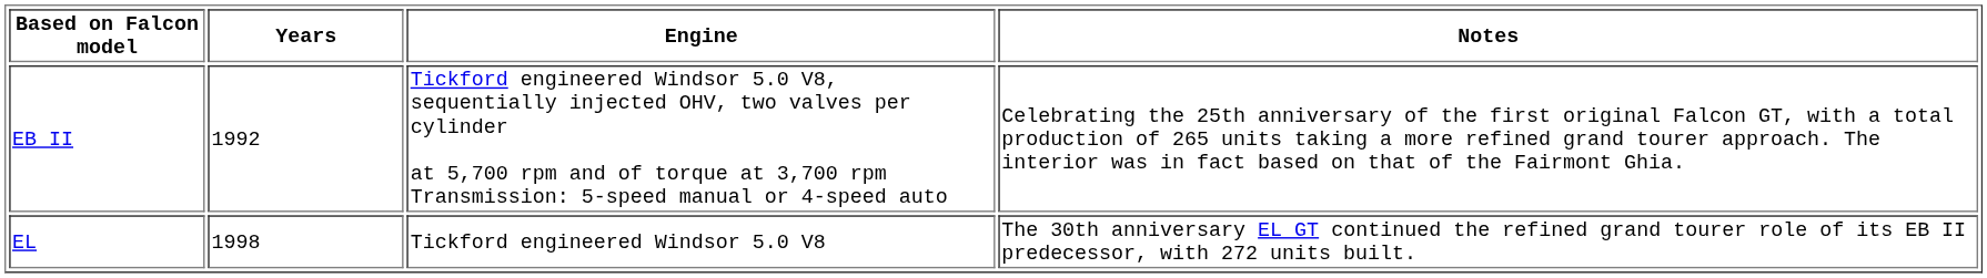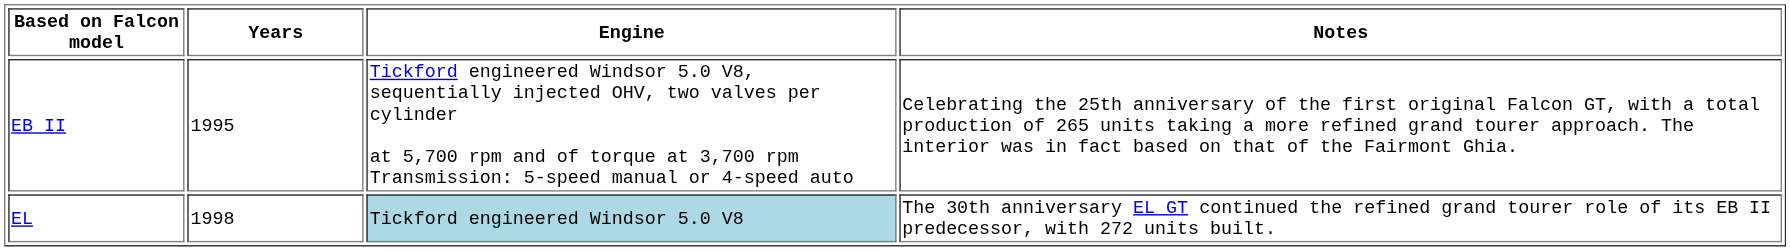 <table border="1" cellpadding="1">
 <tr>
 <th style="width:10%;">Based on Falcon model</th>
 <th style="width:10%;">Years</th>
 <th style="width:30%;">Engine</th>
 <th style="width:50%;">Notes</th>
 </tr>
 <tr>
 <td><a href='#'>EB II</a></td>
-<td>1992</td>
+<td>1995</td>
 <td><a href='#'>Tickford</a> engineered Windsor  5.0 V8, sequentially injected OHV, two valves per cylinder<br><br> at 5,700 rpm and  of torque at 3,700 rpm<br> Transmission: 5-speed manual or 4-speed auto</td>
 <td>Celebrating the 25th anniversary of the first original Falcon GT, with a total production of 265 units taking a more refined grand tourer approach. The interior was in fact based on that of the Fairmont Ghia.</td>
 </tr>
 <tr>
 <td><a href='#'>EL</a></td>
 <td>1998</td>
-<td>Tickford engineered Windsor  5.0 V8</td>
+<td style="background: lightblue;">Tickford engineered Windsor  5.0 V8</td>
 <td>The 30th anniversary <a href='#'>EL GT</a> continued the refined grand tourer role of its EB II predecessor, with 272 units built.</td>
 </tr>
 </table>
